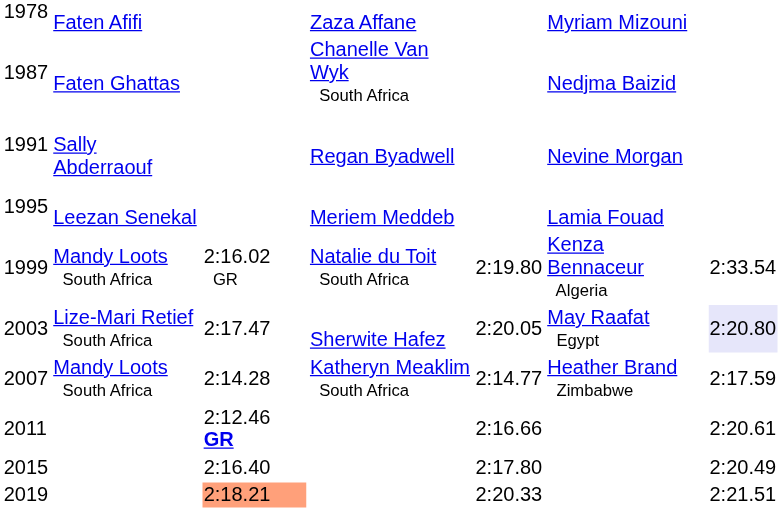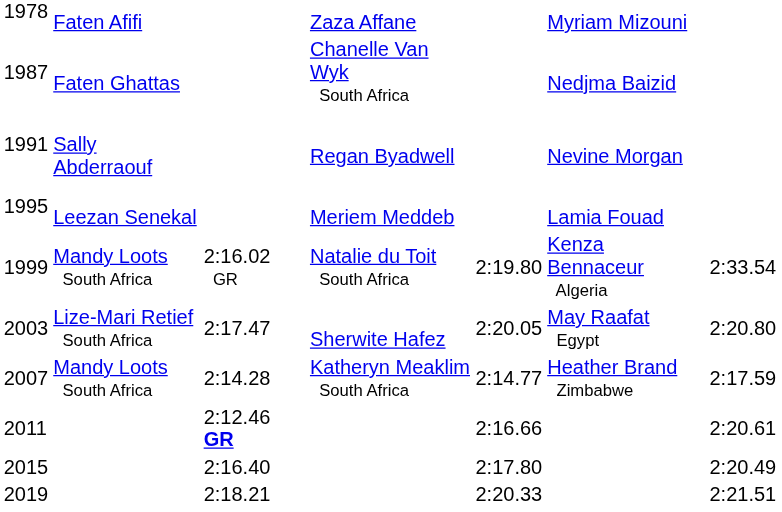 <table>
 <tr>
 <td>1978</td>
 <td> <br>  <a href='#'>Faten Afifi</a></td>
 <td></td>
 <td> <br>  <a href='#'>Zaza Affane</a></td>
 <td></td>
 <td> <br>  <a href='#'>Myriam Mizouni</a></td>
 <td></td>
 </tr>
 <tr>
 <td>1987</td>
 <td> <br>  <a href='#'>Faten Ghattas</a></td>
 <td></td>
 <td><a href='#'>Chanelle Van Wyk</a> <small><br>    South Africa</small></td>
 <td></td>
 <td> <br>  <a href='#'>Nedjma Baizid</a></td>
 <td></td>
 </tr>
 <tr>
 <td>1991</td>
 <td> <br>  <a href='#'>Sally Abderraouf</a></td>
 <td></td>
 <td> <br>  <a href='#'>Regan Byadwell</a></td>
 <td></td>
 <td> <br>  <a href='#'>Nevine Morgan</a></td>
 <td></td>
 </tr>
 <tr>
 <td>1995</td>
 <td> <br>  <a href='#'>Leezan Senekal</a></td>
 <td></td>
 <td> <br>  <a href='#'>Meriem Meddeb</a></td>
 <td></td>
 <td> <br>  <a href='#'>Lamia Fouad</a></td>
 <td></td>
 </tr>
 <tr>
 <td>1999</td>
 <td><a href='#'>Mandy Loots</a> <small><br>    South Africa </small></td>
 <td>2:16.02 <small><br>   GR</small></td>
 <td><a href='#'>Natalie du Toit</a> <small><br>    South Africa </small></td>
 <td>2:19.80</td>
 <td><a href='#'>Kenza Bennaceur</a> <small><br>    Algeria </small></td>
 <td>2:33.54</td>
 </tr>
 <tr>
 <td>2003</td>
 <td><a href='#'>Lize-Mari Retief</a> <small><br>    South Africa</small></td>
 <td>2:17.47</td>
 <td> <br>  <a href='#'>Sherwite Hafez</a></td>
 <td>2:20.05</td>
 <td><a href='#'>May Raafat</a> <small><br>    Egypt</small></td>
-<td style="background: lavender;">2:20.80</td>
+<td>2:20.80</td>
 </tr>
 <tr>
 <td>2007</td>
 <td><a href='#'>Mandy Loots</a> <small><br>   South Africa</small></td>
 <td>2:14.28</td>
 <td><a href='#'>Katheryn Meaklim</a> <small><br>   South Africa</small></td>
 <td>2:14.77</td>
 <td><a href='#'>Heather Brand</a> <small><br>   Zimbabwe</small></td>
 <td>2:17.59</td>
 </tr>
 <tr>
 <td>2011</td>
 <td></td>
 <td>2:12.46 <strong><a href='#'>GR</a></strong></td>
 <td></td>
 <td>2:16.66</td>
 <td></td>
 <td>2:20.61</td>
 </tr>
 <tr>
 <td>2015</td>
 <td></td>
 <td>2:16.40</td>
 <td></td>
 <td>2:17.80</td>
 <td></td>
 <td>2:20.49</td>
 </tr>
 <tr>
 <td>2019</td>
 <td></td>
-<td style="background: lightsalmon;">2:18.21</td>
+<td>2:18.21</td>
 <td></td>
 <td>2:20.33</td>
 <td></td>
 <td>2:21.51</td>
 </tr>
 </table>
